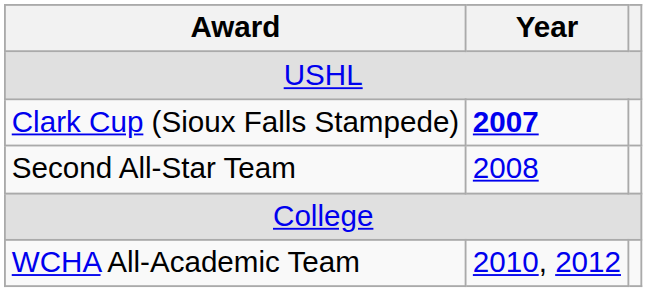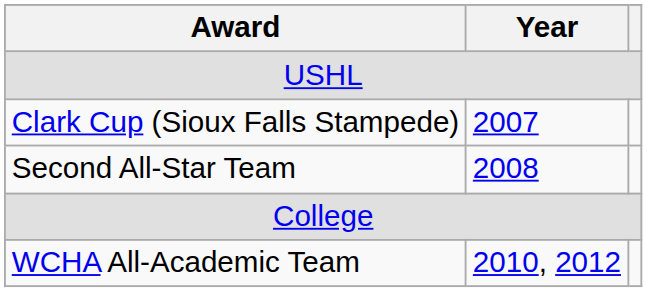 <table class="wikitable">
 <tr>
 <th>Award</th>
 <th>Year</th>
 <th></th>
 </tr>
 <tr ALIGN="center" bgcolor="#e0e0e0">
 <td colspan="3"><a href='#'>USHL</a></td>
 </tr>
 <tr>
 <td><a href='#'>Clark Cup</a> (Sioux Falls Stampede)</td>
-<td><strong><a href='#'>2007</a></strong></td>
+<td><a href='#'>2007</a></td>
 <td></td>
 </tr>
 <tr>
 <td>Second All-Star Team</td>
 <td><a href='#'>2008</a></td>
 <td></td>
 </tr>
 <tr ALIGN="center" bgcolor="#e0e0e0">
 <td colspan="3"><a href='#'>College</a></td>
 </tr>
 <tr>
 <td><a href='#'>WCHA</a> All-Academic Team</td>
 <td><a href='#'>2010</a>, <a href='#'>2012</a></td>
 <td></td>
 </tr>
 </table>
